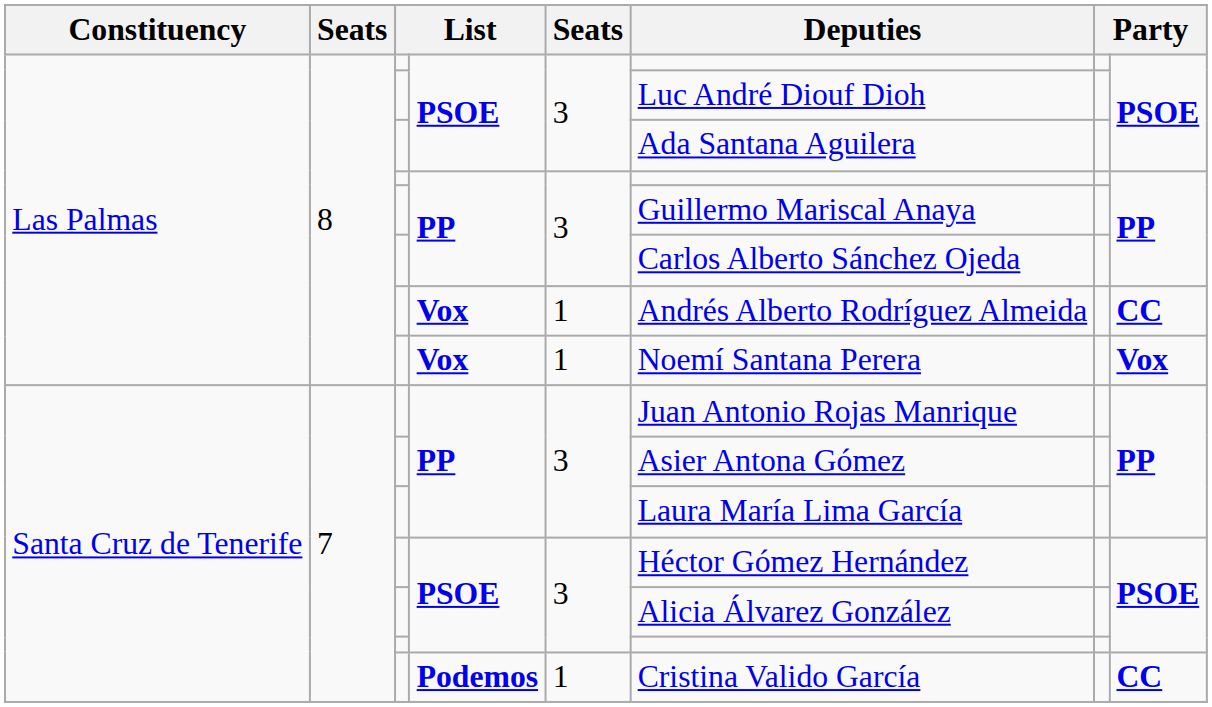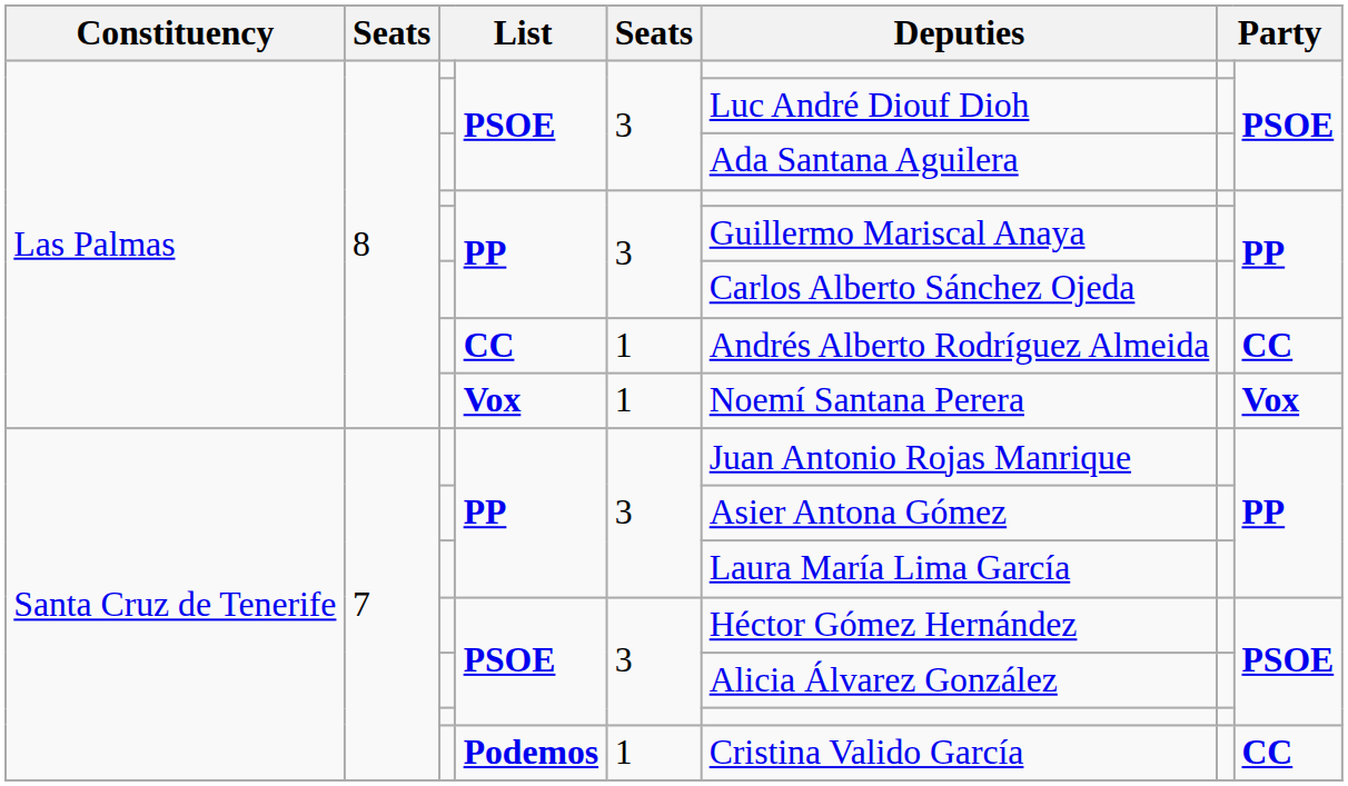 <table class="wikitable sortable">
 <tr>
 <th>Constituency</th>
 <th>Seats</th>
 <th colspan="2">List</th>
 <th>Seats</th>
 <th>Deputies</th>
 <th colspan="2">Party</th>
 </tr>
 <tr>
 <td rowspan="8"><a href='#'>Las Palmas</a></td>
 <td rowspan="8">8</td>
 <td></td>
 <td rowspan="3"><strong><a href='#'>PSOE</a></strong></td>
 <td rowspan="3">3</td>
 <td></td>
 <td></td>
 <td rowspan="3"><strong><a href='#'>PSOE</a></strong></td>
 </tr>
 <tr>
 <td></td>
 <td><a href='#'>Luc André Diouf Dioh</a></td>
 <td></td>
 </tr>
 <tr>
 <td></td>
 <td><a href='#'>Ada Santana Aguilera</a></td>
 <td></td>
 </tr>
 <tr>
 <td></td>
 <td rowspan="3"><strong><a href='#'>PP</a></strong></td>
 <td rowspan="3">3</td>
 <td></td>
 <td></td>
 <td rowspan="3"><strong><a href='#'>PP</a></strong></td>
 </tr>
 <tr>
 <td></td>
 <td><a href='#'>Guillermo Mariscal Anaya</a></td>
 <td></td>
 </tr>
 <tr>
 <td></td>
 <td><a href='#'>Carlos Alberto Sánchez Ojeda</a></td>
 <td></td>
 </tr>
 <tr>
 <td></td>
-<td><strong><a href='#'>Vox</a></strong></td>
+<td><a href='#'><strong>CC</strong></a></td>
 <td>1</td>
 <td><a href='#'>Andrés Alberto Rodríguez Almeida</a></td>
 <td></td>
 <td><a href='#'><strong>CC</strong></a></td>
 </tr>
 <tr>
 <td></td>
 <td><strong><a href='#'>Vox</a></strong></td>
 <td>1</td>
 <td><a href='#'>Noemí Santana Perera</a></td>
 <td></td>
 <td><strong><a href='#'>Vox</a></strong></td>
 </tr>
 <tr>
 <td rowspan="7"><a href='#'>Santa Cruz de Tenerife</a></td>
 <td rowspan="7">7</td>
 <td></td>
 <td rowspan="3"><strong><a href='#'>PP</a></strong></td>
 <td rowspan="3">3</td>
 <td><a href='#'>Juan Antonio Rojas Manrique</a></td>
 <td></td>
 <td rowspan="3"><strong><a href='#'>PP</a></strong></td>
 </tr>
 <tr>
 <td></td>
 <td><a href='#'>Asier Antona Gómez</a></td>
 <td></td>
 </tr>
 <tr>
 <td></td>
 <td><a href='#'>Laura María Lima García</a></td>
 <td></td>
 </tr>
 <tr>
 <td></td>
 <td rowspan="3"><strong><a href='#'>PSOE</a></strong></td>
 <td rowspan="3">3</td>
 <td><a href='#'>Héctor Gómez Hernández</a></td>
 <td></td>
 <td rowspan="3"><strong><a href='#'>PSOE</a></strong></td>
 </tr>
 <tr>
 <td></td>
 <td><a href='#'>Alicia Álvarez González</a></td>
 <td></td>
 </tr>
 <tr>
 <td></td>
 <td></td>
 <td></td>
 </tr>
 <tr>
 <td></td>
 <td><strong><a href='#'>Podemos</a></strong></td>
 <td>1</td>
 <td><a href='#'>Cristina Valido García</a></td>
 <td></td>
 <td><a href='#'><strong>CC</strong></a></td>
 </tr>
 </table>
